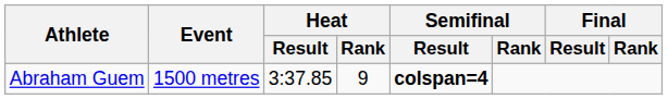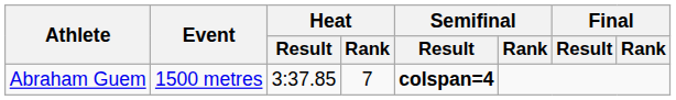 <table class="wikitable" style="font-size:90%">
 <tr>
 <th rowspan="2">Athlete</th>
 <th rowspan="2">Event</th>
 <th colspan="2">Heat</th>
 <th colspan="2">Semifinal</th>
 <th colspan="2">Final</th>
 </tr>
 <tr style="font-size:95%">
 <th>Result</th>
 <th>Rank</th>
 <th>Result</th>
 <th>Rank</th>
 <th>Result</th>
 <th>Rank</th>
 </tr>
 <tr align=center>
 <td align=left><a href='#'>Abraham Guem</a></td>
 <td align=left><a href='#'>1500 metres</a></td>
 <td>3:37.85 </td>
-<td>9</td>
+<td>7</td>
 <td><strong>colspan=4 </strong></td>
 </tr>
 </table>
